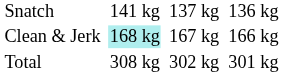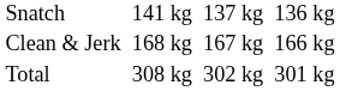 <table>
 <tr>
 <td>Snatch</td>
 <td></td>
 <td>141 kg</td>
 <td></td>
 <td>137 kg</td>
 <td></td>
 <td>136 kg</td>
 </tr>
 <tr>
 <td>Clean & Jerk</td>
 <td></td>
-<td style="background: paleturquoise;">168 kg</td>
+<td>168 kg</td>
 <td></td>
 <td>167 kg</td>
 <td></td>
 <td>166 kg</td>
 </tr>
 <tr>
 <td>Total</td>
 <td></td>
 <td>308 kg</td>
 <td></td>
 <td>302 kg</td>
 <td></td>
 <td>301 kg</td>
 </tr>
 </table>
